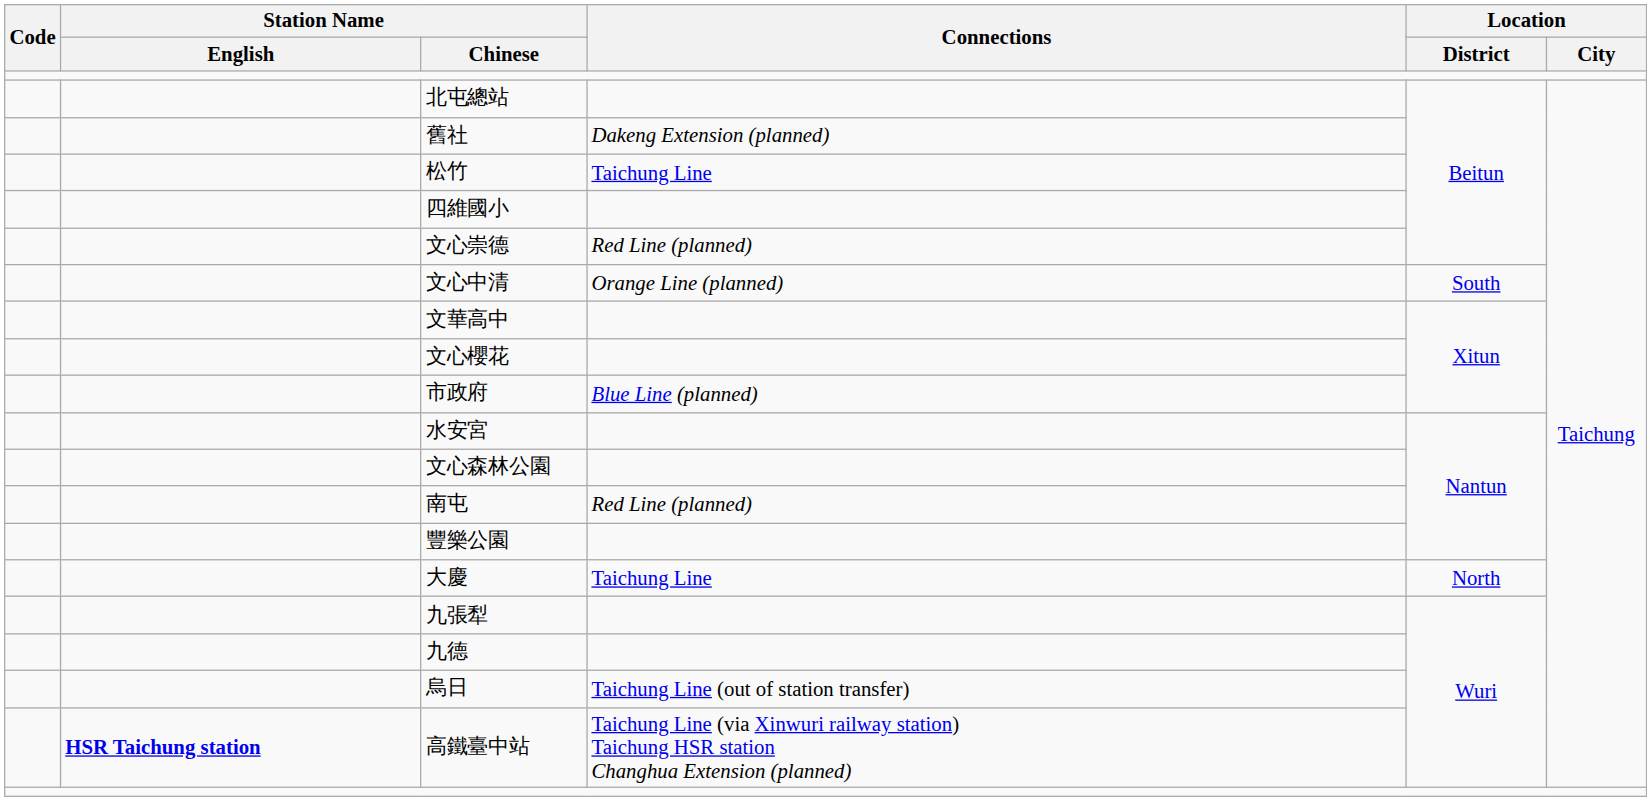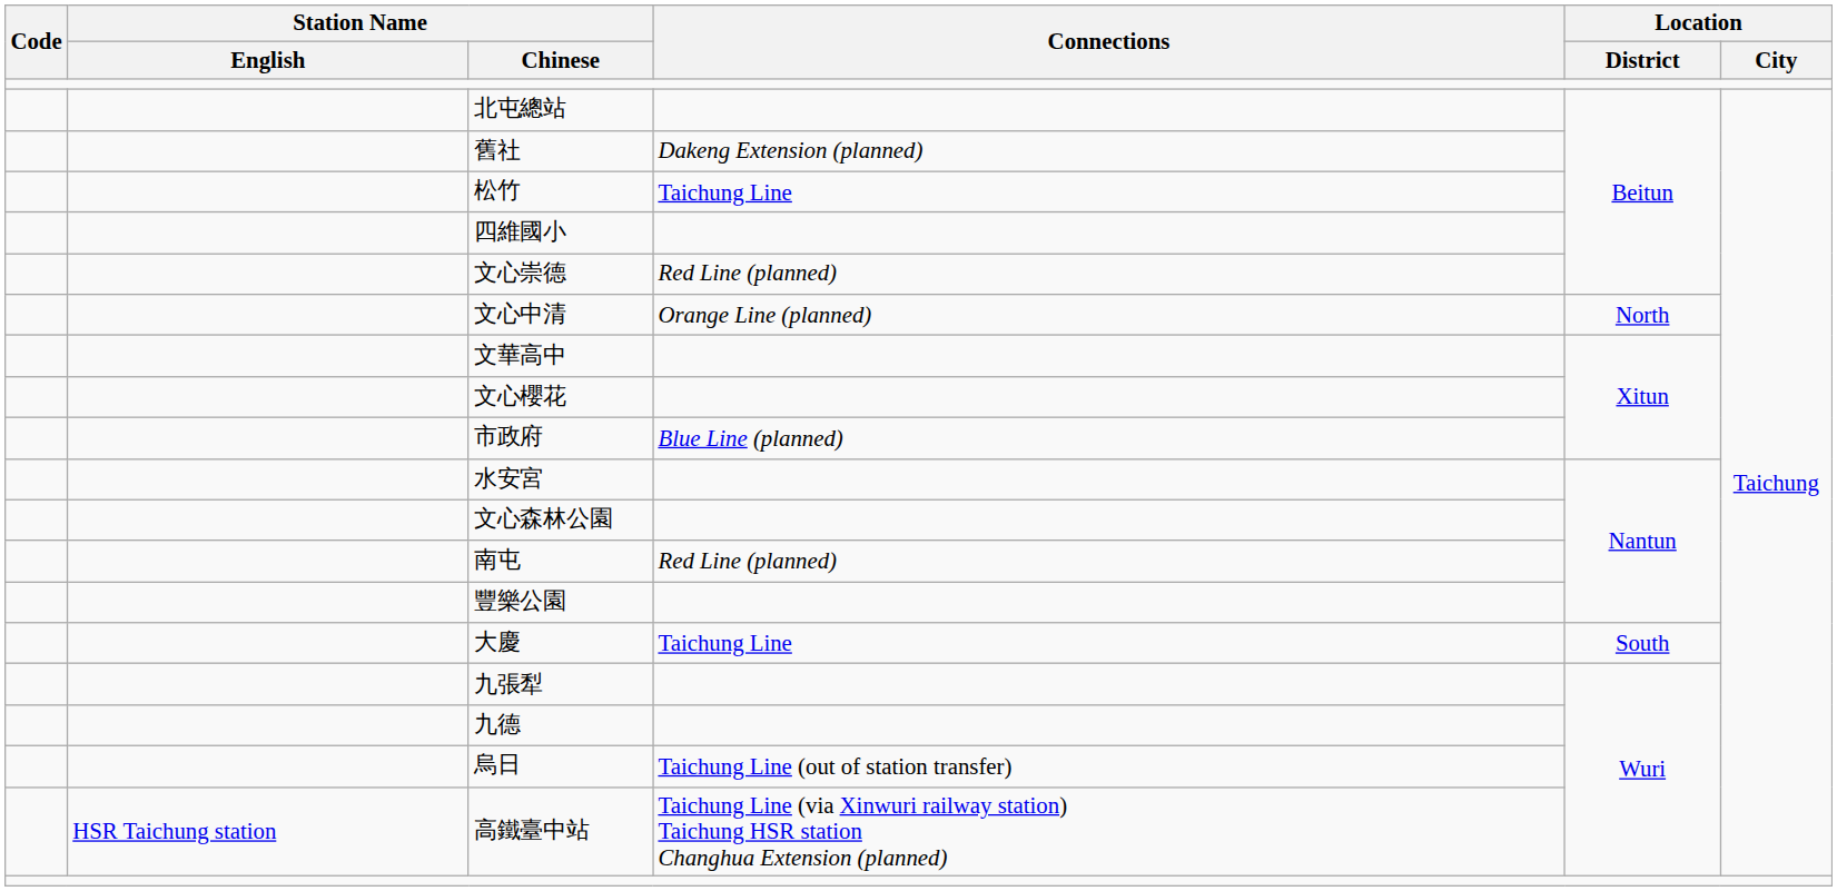 <table class="wikitable" style="width: 100%">
 <tr>
 <th scope="col" rowspan="2" style="width: 30px;">Code</th>
 <th colspan="2">Station Name</th>
 <th rowspan="2">Connections</th>
 <th colspan="2">Location</th>
 </tr>
 <tr>
 <th>English</th>
 <th>Chinese</th>
 <th>District</th>
 <th>City</th>
 </tr>
 <tr>
 <td colspan = "6"></td>
 </tr>
 <tr>
 <td></td>
 <td style="width:270px;"></td>
 <td style="width:120px;">北屯總站</td>
 <td></td>
 <td rowspan="5" style="width:100px; text-align:center;"><a href='#'>Beitun</a></td>
 <td rowspan="18" style="width:70px; text-align:center;"><a href='#'>Taichung</a></td>
 </tr>
 <tr>
 <td></td>
 <td></td>
 <td>舊社</td>
 <td> <em>Dakeng Extension (planned)</em></td>
 </tr>
 <tr>
 <td></td>
 <td></td>
 <td>松竹</td>
 <td> <a href='#'>Taichung Line</a></td>
 </tr>
 <tr>
 <td></td>
 <td> </td>
 <td>四維國小 </td>
 <td></td>
 </tr>
 <tr>
 <td></td>
 <td></td>
 <td>文心崇德</td>
 <td> <em>Red Line (planned)</em></td>
 </tr>
 <tr>
 <td></td>
 <td> </td>
 <td>文心中清 </td>
 <td> <em>Orange Line (planned)</em></td>
-<td style="text-align:center;"><a href='#'>South</a></td>
+<td style="text-align:center;"><a href='#'>North</a></td>
 </tr>
 <tr>
 <td></td>
 <td></td>
 <td>文華高中</td>
 <td></td>
 <td rowspan="3" style="text-align:center;"><a href='#'>Xitun</a></td>
 </tr>
 <tr>
 <td></td>
 <td></td>
 <td>文心櫻花</td>
 <td></td>
 </tr>
 <tr>
 <td></td>
 <td></td>
 <td>市政府</td>
 <td> <em><a href='#'>Blue Line</a> (planned)</em></td>
 </tr>
 <tr>
 <td></td>
 <td></td>
 <td>水安宮</td>
 <td></td>
 <td rowspan="4" style="text-align:center;"><a href='#'>Nantun</a></td>
 </tr>
 <tr>
 <td></td>
 <td></td>
 <td>文心森林公園</td>
 <td></td>
 </tr>
 <tr>
 <td></td>
 <td> </td>
 <td>南屯 </td>
 <td> <em>Red Line (planned)</em></td>
 </tr>
 <tr>
 <td></td>
 <td></td>
 <td>豐樂公園</td>
 <td></td>
 </tr>
 <tr>
 <td></td>
 <td> </td>
 <td>大慶 </td>
 <td> <a href='#'>Taichung Line</a></td>
-<td style="text-align:center;"><a href='#'>North</a></td>
+<td style="text-align:center;"><a href='#'>South</a></td>
 </tr>
 <tr>
 <td></td>
 <td></td>
 <td>九張犁</td>
 <td></td>
 <td rowspan="4" style="text-align:center;"><a href='#'>Wuri</a></td>
 </tr>
 <tr>
 <td></td>
 <td></td>
 <td>九德</td>
 <td></td>
 </tr>
 <tr>
 <td></td>
 <td></td>
 <td>烏日</td>
 <td> <a href='#'>Taichung Line</a> (out of station transfer)</td>
 </tr>
 <tr>
 <td></td>
-<td><strong><a href='#'>HSR Taichung station</a></strong></td>
+<td><a href='#'>HSR Taichung station</a></td>
 <td>高鐵臺中站</td>
 <td> <a href='#'>Taichung Line</a> (via <a href='#'>Xinwuri railway station</a>)<br> <a href='#'>Taichung HSR station</a><br> <em>Changhua Extension (planned)</em></td>
 </tr>
 <tr>
 <td colspan = "6"></td>
 </tr>
 </table>
